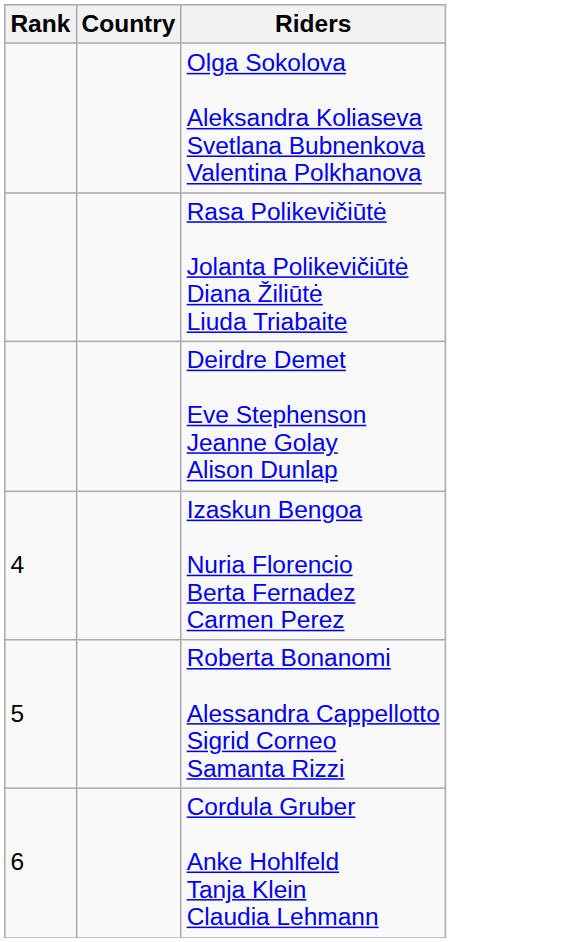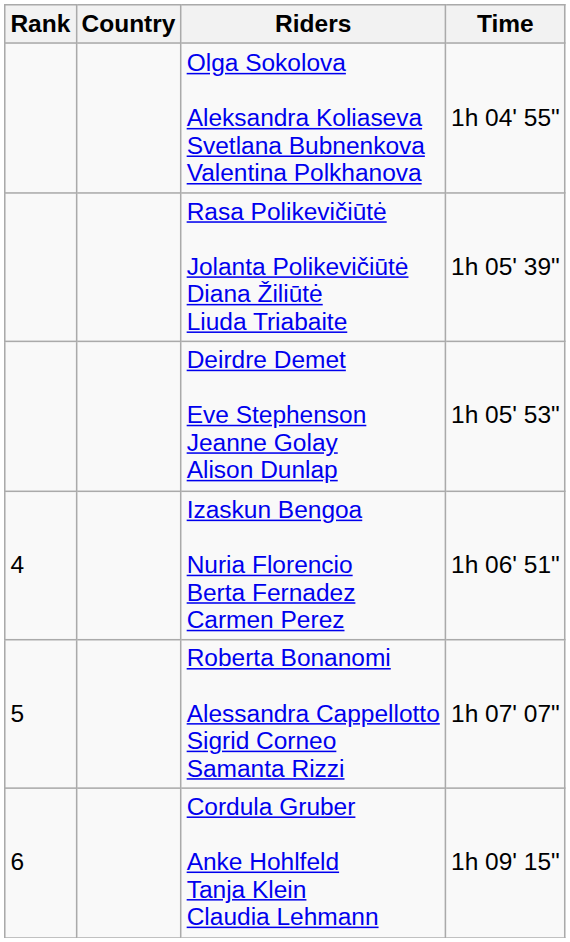 <table class="wikitable" text-align:center;">
 <tr>
 <th>Rank</th>
 <th>Country</th>
 <th>Riders</th>
+<th>Time</th>
 </tr>
 <tr>
 <td></td>
 <td align="left"><strong></strong></td>
 <td><a href='#'>Olga Sokolova</a><br><br><a href='#'>Aleksandra Koliaseva</a><br> <a href='#'>Svetlana Bubnenkova</a><br> <a href='#'>Valentina Polkhanova</a></td>
+<td>1h 04' 55"</td>
 </tr>
 <tr>
 <td></td>
 <td align="left"><strong></strong></td>
 <td><a href='#'>Rasa Polikevičiūtė</a><br><br><a href='#'>Jolanta Polikevičiūtė</a><br> <a href='#'>Diana Žiliūtė</a><br> <a href='#'>Liuda Triabaite</a></td>
+<td>1h 05' 39"</td>
 </tr>
 <tr>
 <td></td>
 <td align="left"><strong></strong></td>
 <td><a href='#'>Deirdre Demet</a><br><br><a href='#'>Eve Stephenson</a><br> <a href='#'>Jeanne Golay</a><br> <a href='#'>Alison Dunlap</a></td>
+<td>1h 05' 53"</td>
 </tr>
 <tr>
 <td>4</td>
 <td align="left"><strong></strong></td>
 <td><a href='#'>Izaskun Bengoa</a><br><br><a href='#'>Nuria Florencio</a><br> <a href='#'>Berta Fernadez</a><br> <a href='#'>Carmen Perez</a></td>
+<td>1h 06' 51"</td>
 </tr>
 <tr>
 <td>5</td>
 <td align="left"><strong></strong></td>
 <td><a href='#'>Roberta Bonanomi</a><br><br><a href='#'>Alessandra Cappellotto</a><br> <a href='#'>Sigrid Corneo</a><br> <a href='#'>Samanta Rizzi</a></td>
+<td>1h 07' 07"</td>
 </tr>
 <tr>
 <td>6</td>
 <td align="left"><strong></strong></td>
 <td><a href='#'>Cordula Gruber</a><br><br><a href='#'>Anke Hohlfeld</a><br> <a href='#'>Tanja Klein</a><br> <a href='#'>Claudia Lehmann</a></td>
+<td>1h 09' 15"</td>
 </tr>
 </table>
